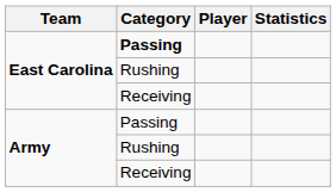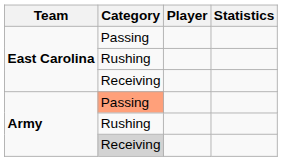 <table class="wikitable" style="float: left;">
 <tr>
 <th>Team</th>
 <th>Category</th>
 <th>Player</th>
 <th>Statistics</th>
 </tr>
 <tr>
 <td rowspan=3><strong>East Carolina</strong></td>
-<td><strong>Passing</strong></td>
+<td>Passing</td>
 <td></td>
 <td></td>
 </tr>
 <tr>
 <td>Rushing</td>
 <td></td>
 <td></td>
 </tr>
 <tr>
 <td>Receiving</td>
 <td></td>
 <td></td>
 </tr>
 <tr>
 <td rowspan=3><strong>Army</strong></td>
-<td>Passing</td>
+<td style="background: lightsalmon;">Passing</td>
 <td></td>
 <td></td>
 </tr>
 <tr>
 <td>Rushing</td>
 <td></td>
 <td></td>
 </tr>
 <tr>
-<td>Receiving</td>
+<td style="background: lightgrey;">Receiving</td>
 <td></td>
 <td></td>
 </tr>
 </table>
